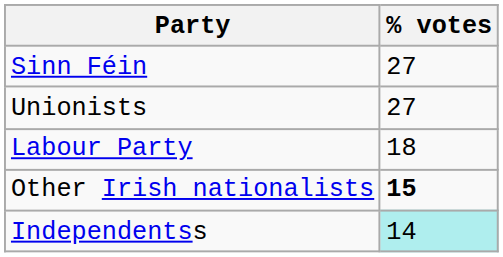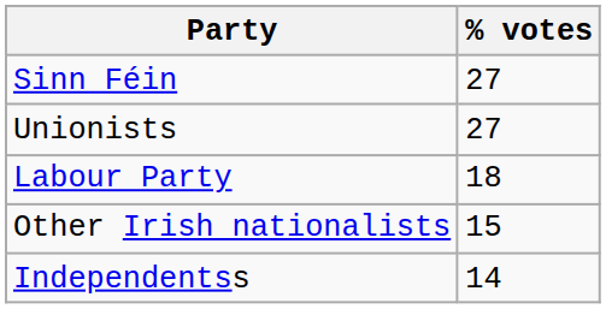 <table class=wikitable>
 <tr>
 <th>Party</th>
 <th>% votes</th>
 </tr>
 <tr>
 <td><a href='#'>Sinn Féin</a></td>
 <td>27</td>
 </tr>
 <tr>
 <td>Unionists</td>
 <td>27</td>
 </tr>
 <tr>
 <td><a href='#'>Labour Party</a></td>
 <td>18</td>
 </tr>
 <tr>
 <td>Other <a href='#'>Irish nationalists</a></td>
-<td><strong>15</strong></td>
+<td>15</td>
 </tr>
 <tr>
 <td><a href='#'>Independents</a>s</td>
-<td style="background: paleturquoise;">14</td>
+<td>14</td>
 </tr>
 </table>
